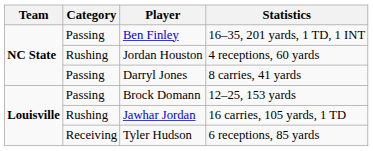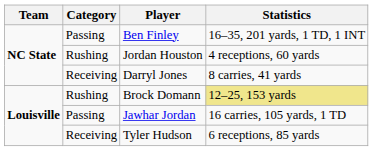 <table class="wikitable" style="float: left;">
 <tr>
 <th>Team</th>
 <th>Category</th>
 <th>Player</th>
 <th>Statistics</th>
 </tr>
 <tr>
 <td rowspan=3><strong>NC State</strong></td>
 <td>Passing</td>
 <td><a href='#'>Ben Finley</a></td>
 <td>16–35, 201 yards, 1 TD, 1 INT</td>
 </tr>
 <tr>
 <td>Rushing</td>
 <td>Jordan Houston</td>
 <td>4 receptions, 60 yards</td>
 </tr>
 <tr>
-<td>Passing</td>
+<td>Receiving</td>
 <td>Darryl Jones</td>
 <td>8 carries, 41 yards</td>
 </tr>
 <tr>
 <td rowspan=3><strong>Louisville</strong></td>
-<td>Passing</td>
+<td>Rushing</td>
 <td>Brock Domann</td>
-<td>12–25, 153 yards</td>
+<td style="background: khaki;">12–25, 153 yards</td>
 </tr>
 <tr>
-<td>Rushing</td>
+<td>Passing</td>
 <td><a href='#'>Jawhar Jordan</a></td>
 <td>16 carries, 105 yards, 1 TD</td>
 </tr>
 <tr>
 <td>Receiving</td>
 <td>Tyler Hudson</td>
 <td>6 receptions, 85 yards</td>
 </tr>
 </table>
